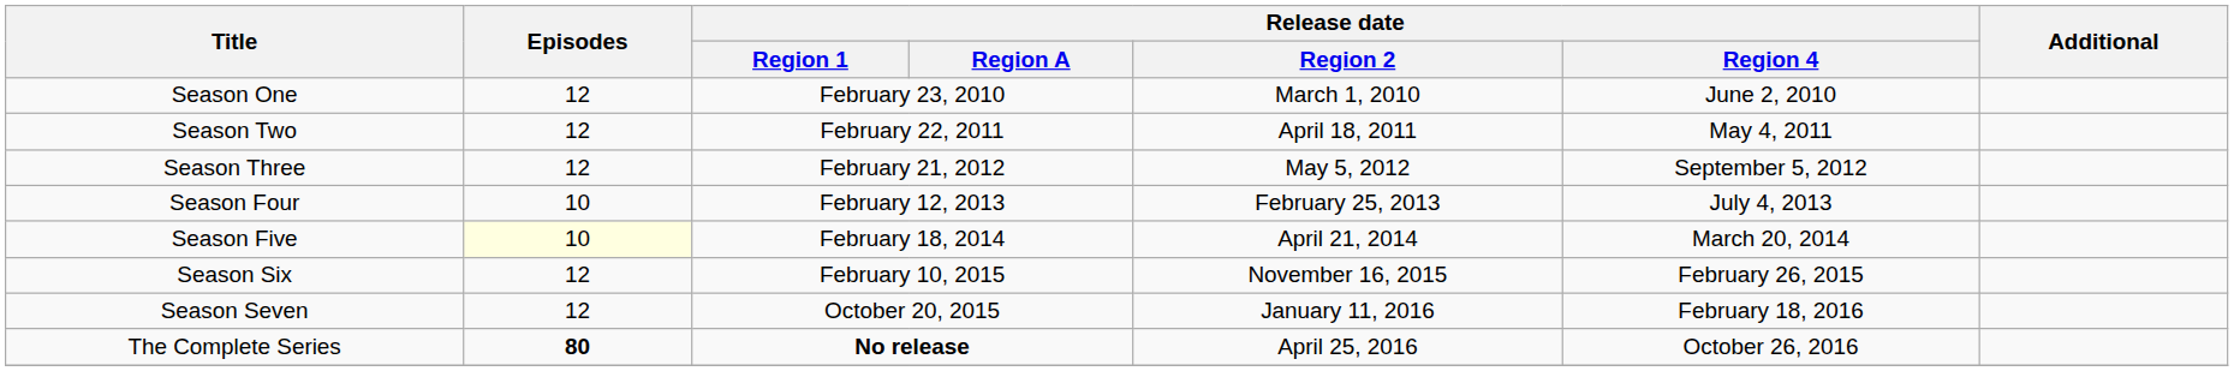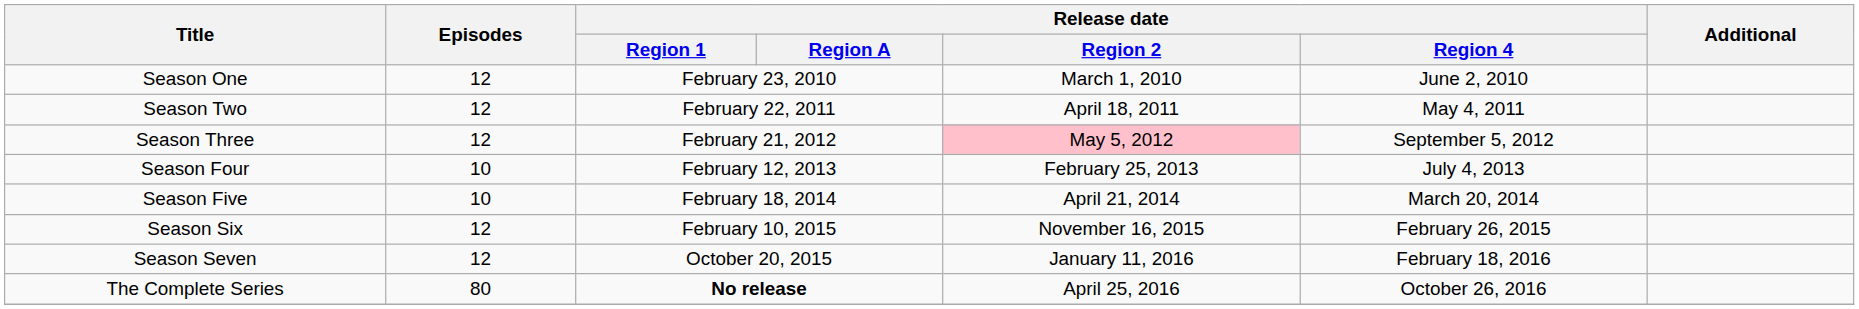 <table class="wikitable"  style="width:99%; text-align:center;">
 <tr>
 <th rowspan="2">Title</th>
 <th rowspan="2">Episodes</th>
 <th colspan="4">Release date</th>
 <th rowspan="2">Additional</th>
 </tr>
 <tr>
 <th><a href='#'>Region 1</a></th>
 <th><a href='#'>Region A</a></th>
 <th><a href='#'>Region 2</a></th>
 <th><a href='#'>Region 4</a></th>
 </tr>
 <tr>
 <td>Season One</td>
 <td>12</td>
 <td colspan="2">February 23, 2010</td>
 <td>March 1, 2010</td>
 <td>June 2, 2010</td>
 <td><br></td>
 </tr>
 <tr>
 <td>Season Two</td>
 <td>12</td>
 <td colspan="2">February 22, 2011</td>
 <td>April 18, 2011</td>
 <td>May 4, 2011</td>
 <td><br></td>
 </tr>
 <tr>
 <td>Season Three</td>
 <td>12</td>
 <td colspan="2">February 21, 2012</td>
-<td>May 5, 2012</td>
+<td style="background: pink;">May 5, 2012</td>
 <td>September 5, 2012</td>
 <td><br></td>
 </tr>
 <tr>
 <td>Season Four</td>
 <td>10</td>
 <td colspan="2">February 12, 2013</td>
 <td>February 25, 2013</td>
 <td>July 4, 2013</td>
 <td><br></td>
 </tr>
 <tr>
 <td>Season Five</td>
-<td style="background: lightyellow;">10</td>
+<td>10</td>
 <td colspan="2">February 18, 2014</td>
 <td>April 21, 2014</td>
 <td>March 20, 2014</td>
 <td><br></td>
 </tr>
 <tr>
 <td>Season Six</td>
 <td>12</td>
 <td colspan="2">February 10, 2015</td>
 <td>November 16, 2015</td>
 <td>February 26, 2015</td>
 <td><br></td>
 </tr>
 <tr>
 <td>Season Seven</td>
 <td>12</td>
 <td colspan="2">October 20, 2015</td>
 <td>January 11, 2016</td>
 <td>February 18, 2016</td>
 <td><br></td>
 </tr>
 <tr>
 <td>The Complete Series</td>
-<td><strong>80</strong></td>
+<td>80</td>
 <td colspan="2"><strong>No release</strong></td>
 <td>April 25, 2016</td>
 <td>October 26, 2016</td>
 <td><br></td>
 </tr>
 <tr>
 </tr>
 </table>
